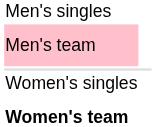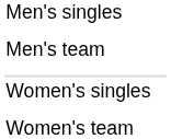 <table>
 <tr>
 <td>Men's singles<br></td>
 <td></td>
 <td></td>
 <td></td>
 </tr>
 <tr>
-<td style="background: pink;">Men's team<br></td>
+<td>Men's team<br></td>
 <td><br><br></td>
 <td><br><br></td>
 <td><br></td>
 </tr>
 <tr bgcolor=#DDDDDD>
 <td colspan=7></td>
 </tr>
 <tr>
 <td>Women's singles<br></td>
 <td></td>
 <td></td>
 <td></td>
 </tr>
 <tr>
-<td><strong>Women's team<br></strong></td>
+<td>Women's team<br></td>
 <td><br></td>
 <td><br></td>
 <td><br><br></td>
 </tr>
 </table>
